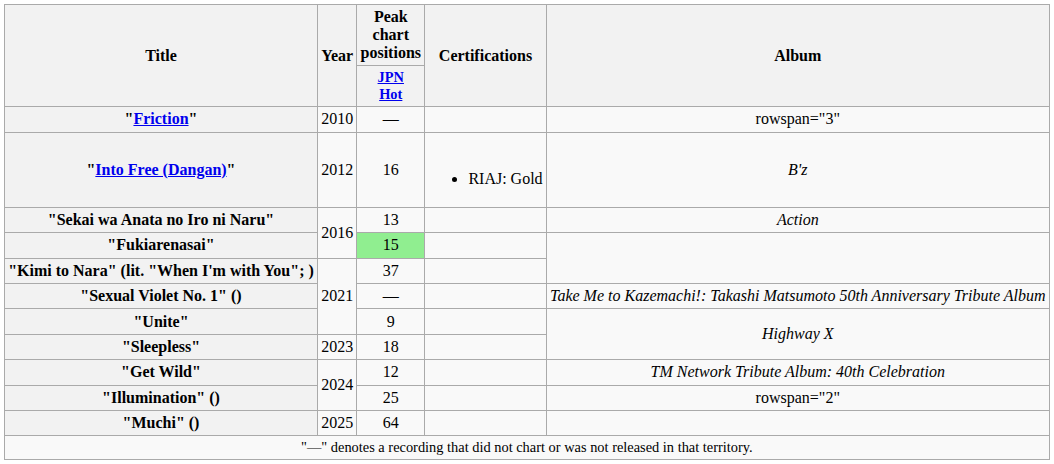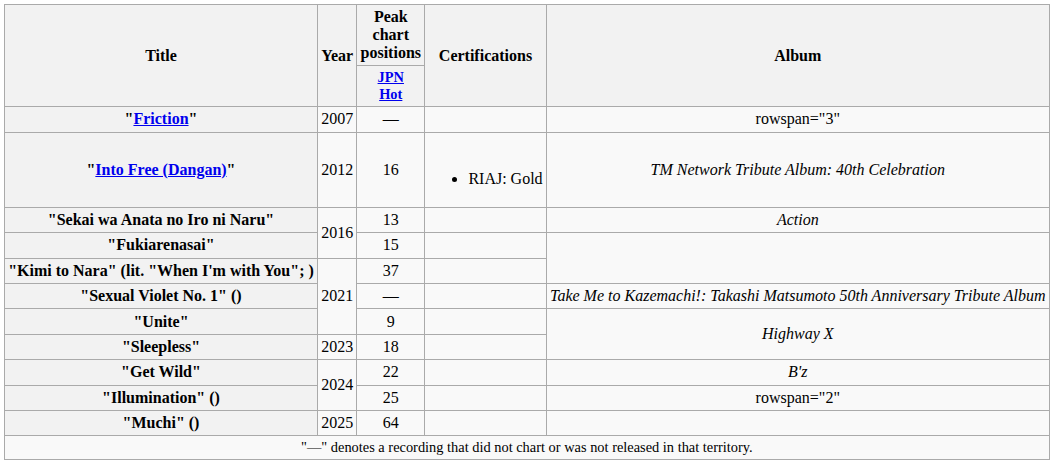 <table class="wikitable plainrowheaders" style="text-align:center;">
 <tr>
 <th scope="col" rowspan="2">Title</th>
 <th scope="col" rowspan="2">Year</th>
 <th scope="col">Peak chart positions</th>
 <th scope="col" rowspan="2">Certifications</th>
 <th scope="col" rowspan="2">Album</th>
 </tr>
 <tr>
 <th scope="col" style="width:3em; font-size:90%"><a href='#'>JPN<br>Hot</a><br></th>
 </tr>
 <tr>
 <th scope="row">"<a href='#'>Friction</a>"</th>
-<td>2010</td>
+<td>2007</td>
 <td>—</td>
 <td></td>
 <td>rowspan="3" </td>
 </tr>
 <tr>
 <th scope="row">"<a href='#'>Into Free (Dangan)</a>"</th>
 <td>2012</td>
 <td>16</td>
 <td><br><ul><li>RIAJ: Gold</li></ul></td>
-<td><em>B'z</em> </td>
+<td><em>TM Network Tribute Album: 40th Celebration</em></td>
 </tr>
 <tr>
 <th scope="row">"Sekai wa Anata no Iro ni Naru"</th>
 <td rowspan="2">2016</td>
 <td>13</td>
 <td></td>
 <td><em>Action</em></td>
 </tr>
 <tr>
 <th scope="row">"Fukiarenasai"</th>
-<td style="background: lightgreen;">15</td>
+<td>15</td>
 <td></td>
 </tr>
 <tr>
 <th scope="row">"Kimi to Nara" (lit. "When I'm with You"; )</th>
 <td rowspan="3">2021</td>
 <td>37</td>
 <td></td>
 </tr>
 <tr>
 <th scope="row">"Sexual Violet No. 1" ()</th>
 <td>—</td>
 <td></td>
 <td><em>Take Me to Kazemachi!: Takashi Matsumoto 50th Anniversary Tribute Album</em></td>
 </tr>
 <tr>
 <th scope="row">"Unite"</th>
 <td>9</td>
 <td></td>
 <td rowspan="2"><em>Highway X</em></td>
 </tr>
 <tr>
 <th scope="row">"Sleepless"</th>
 <td>2023</td>
 <td>18</td>
 <td></td>
 </tr>
 <tr>
 <th scope="row">"Get Wild"</th>
 <td rowspan="2">2024</td>
-<td>12</td>
+<td>22</td>
 <td></td>
-<td><em>TM Network Tribute Album: 40th Celebration</em></td>
+<td><em>B'z</em> </td>
 </tr>
 <tr>
 <th scope="row">"Illumination" ()</th>
 <td>25</td>
 <td></td>
 <td>rowspan="2" </td>
 </tr>
 <tr>
 <th scope="row">"Muchi" ()</th>
 <td>2025</td>
 <td>64</td>
 <td></td>
 </tr>
 <tr>
 <td colspan="6" align="center" style="font-size:90%">"—" denotes a recording that did not chart or was not released in that territory.</td>
 </tr>
 </table>
